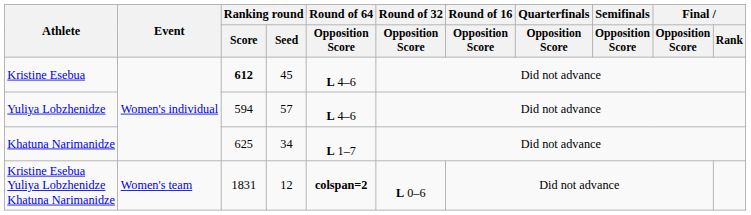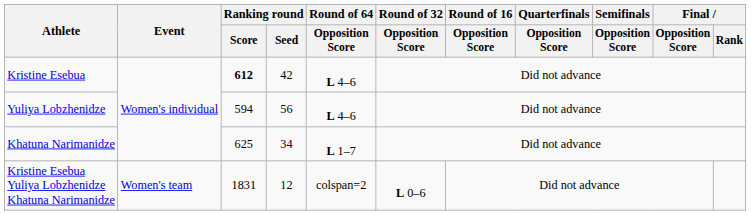 <table class="wikitable" style="font-size:90%">
 <tr>
 <th rowspan=2>Athlete</th>
 <th rowspan=2>Event</th>
 <th colspan="2">Ranking round</th>
 <th>Round of 64</th>
 <th>Round of 32</th>
 <th>Round of 16</th>
 <th>Quarterfinals</th>
 <th>Semifinals</th>
 <th colspan="2">Final / </th>
 </tr>
 <tr style="font-size:95%">
 <th>Score</th>
 <th>Seed</th>
 <th>Opposition<br>Score</th>
 <th>Opposition<br>Score</th>
 <th>Opposition<br>Score</th>
 <th>Opposition<br>Score</th>
 <th>Opposition<br>Score</th>
 <th>Opposition<br>Score</th>
 <th>Rank</th>
 </tr>
 <tr align=center>
 <td align=left><a href='#'>Kristine Esebua</a></td>
 <td align=left rowspan=3><a href='#'>Women's individual</a></td>
 <td><strong>612</strong></td>
-<td>45</td>
+<td>42</td>
 <td><br><strong>L</strong> 4–6</td>
 <td colspan=6>Did not advance</td>
 </tr>
 <tr align=center>
 <td align=left><a href='#'>Yuliya Lobzhenidze</a></td>
 <td>594</td>
-<td>57</td>
+<td>56</td>
 <td><br><strong>L</strong> 4–6</td>
 <td colspan=6>Did not advance</td>
 </tr>
 <tr align=center>
 <td align=left><a href='#'>Khatuna Narimanidze</a></td>
 <td>625</td>
 <td>34</td>
 <td><br><strong>L</strong> 1–7</td>
 <td colspan=6>Did not advance</td>
 </tr>
 <tr align=center>
 <td align=left><a href='#'>Kristine Esebua</a><br><a href='#'>Yuliya Lobzhenidze</a><br><a href='#'>Khatuna Narimanidze</a></td>
 <td align=left><a href='#'>Women's team</a></td>
 <td>1831</td>
 <td>12</td>
-<td><strong>colspan=2 </strong></td>
+<td>colspan=2 </td>
 <td><br><strong>L</strong> 0–6</td>
 <td colspan=4>Did not advance</td>
 </tr>
 </table>
